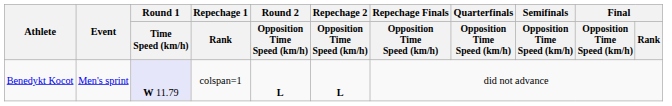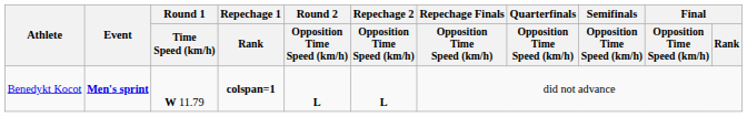 <table class="wikitable" style="font-size:90%">
 <tr>
 <th rowspan="2">Athlete</th>
 <th rowspan="2">Event</th>
 <th>Round 1</th>
 <th>Repechage 1</th>
 <th>Round 2</th>
 <th>Repechage 2</th>
 <th>Repechage Finals</th>
 <th>Quarterfinals</th>
 <th>Semifinals</th>
 <th colspan=2>Final</th>
 </tr>
 <tr style="font-size:95%">
 <th>Time<br>Speed (km/h)</th>
 <th>Rank</th>
 <th>Opposition<br>Time<br>Speed (km/h)</th>
 <th>Opposition<br>Time<br>Speed (km/h)</th>
 <th>Opposition<br>Time<br>Speed (km/h)</th>
 <th>Opposition<br>Time<br>Speed (km/h)</th>
 <th>Opposition<br>Time<br>Speed (km/h)</th>
 <th>Opposition<br>Time<br>Speed (km/h)</th>
 <th>Rank</th>
 </tr>
 <tr align=center>
 <td align=left><a href='#'>Benedykt Kocot</a></td>
-<td style="text-align:left;" rowspan="1"><a href='#'>Men's sprint</a></td>
-<td style="background: lavender;"><br><br><strong>W</strong> 11.79</td>
-<td>colspan=1 </td>
+<td style="text-align:left;" rowspan="1"><strong><a href='#'>Men's sprint</a></strong></td>
+<td><br><br><strong>W</strong> 11.79</td>
+<td><strong>colspan=1 </strong></td>
 <td><br><br><strong>L</strong></td>
 <td><br><br><strong>L</strong></td>
 <td colspan=5>did not advance</td>
 </tr>
 </table>
